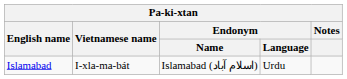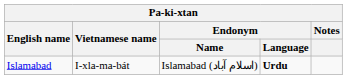 <table class="wikitable sortable">
 <tr>
 <th colspan="5"> <strong>Pa-ki-xtan</strong></th>
 </tr>
 <tr>
 <th rowspan="2">English name</th>
 <th rowspan="2">Vietnamese name</th>
 <th colspan="2">Endonym</th>
 <th>Notes</th>
 </tr>
 <tr>
 <th>Name</th>
 <th>Language</th>
 <th></th>
 </tr>
 <tr>
 <td><a href='#'>Islamabad</a></td>
 <td>I-xla-ma-bát</td>
 <td>Islamabad (اسلام آباد)</td>
-<td>Urdu</td>
+<td><strong>Urdu</strong></td>
 </tr>
 </table>
